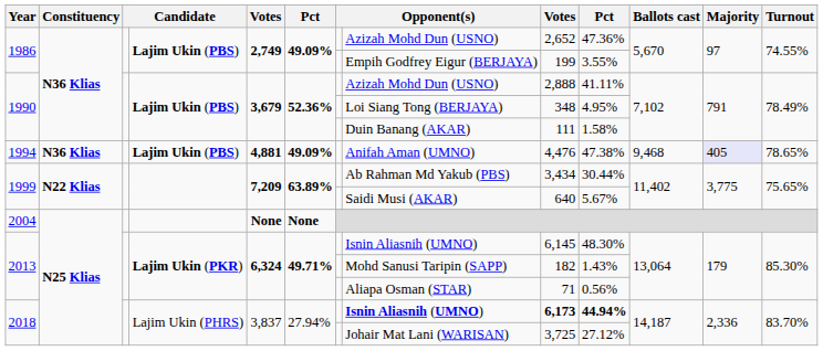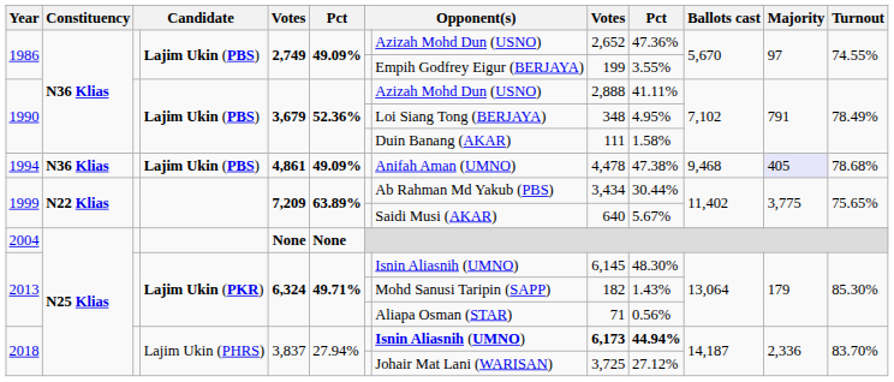 <table class="wikitable" style="margin:0.5em ; font-size:95%">
 <tr>
 <th>Year</th>
 <th>Constituency</th>
 <th colspan=2>Candidate</th>
 <th>Votes</th>
 <th>Pct</th>
 <th colspan=2>Opponent(s)</th>
 <th>Votes</th>
 <th>Pct</th>
 <th>Ballots cast</th>
 <th>Majority</th>
 <th>Turnout</th>
 </tr>
 <tr>
 <td rowspan=2><a href='#'>1986</a></td>
 <td rowspan=5><strong>N36 <a href='#'>Klias</a></strong></td>
 <td rowspan=2 ></td>
 <td rowspan=2><strong>Lajim Ukin</strong> (<a href='#'><strong>PBS</strong></a>)</td>
 <td rowspan=2 align="right"><strong>2,749</strong></td>
 <td rowspan=2><strong>49.09%</strong></td>
 <td></td>
 <td><a href='#'>Azizah Mohd Dun</a> (<a href='#'>USNO</a>)</td>
 <td align="right">2,652</td>
 <td>47.36%</td>
 <td rowspan=2>5,670</td>
 <td rowspan=2>97</td>
 <td rowspan=2>74.55%</td>
 </tr>
 <tr>
 <td></td>
 <td>Empih Godfrey Eigur (<a href='#'>BERJAYA</a>)</td>
 <td align="right">199</td>
 <td>3.55%</td>
 </tr>
 <tr>
 <td rowspan=3><a href='#'>1990</a></td>
 <td rowspan=3 ></td>
 <td rowspan=3><strong>Lajim Ukin</strong> (<a href='#'><strong>PBS</strong></a>)</td>
 <td rowspan=3 align="right"><strong>3,679</strong></td>
 <td rowspan=3><strong>52.36%</strong></td>
 <td></td>
 <td><a href='#'>Azizah Mohd Dun</a> (<a href='#'>USNO</a>)</td>
 <td align="right">2,888</td>
 <td>41.11%</td>
 <td rowspan=3>7,102</td>
 <td rowspan=3>791</td>
 <td rowspan=3>78.49%</td>
 </tr>
 <tr>
 <td></td>
 <td>Loi Siang Tong (<a href='#'>BERJAYA</a>)</td>
 <td align="right">348</td>
 <td>4.95%</td>
 </tr>
 <tr>
 <td></td>
 <td>Duin Banang (<a href='#'>AKAR</a>)</td>
 <td align="right">111</td>
 <td>1.58%</td>
 </tr>
 <tr>
 <td rowspan=1><a href='#'>1994</a></td>
 <td rowspan=1><strong>N36 <a href='#'>Klias</a></strong></td>
 <td rowspan=1 ></td>
 <td rowspan=1><strong>Lajim Ukin</strong> (<a href='#'><strong>PBS</strong></a>)</td>
-<td rowspan=1 align="right"><strong>4,881</strong></td>
+<td rowspan=1 align="right"><strong>4,861</strong></td>
 <td rowspan=1><strong>49.09%</strong></td>
 <td></td>
 <td><a href='#'>Anifah Aman</a> (<a href='#'>UMNO</a>)</td>
-<td align="right">4,476</td>
+<td align="right">4,478</td>
 <td>47.38%</td>
 <td rowspan=1>9,468</td>
 <td rowspan=1 style="background: lavender;">405</td>
-<td rowspan=1>78.65%</td>
+<td rowspan=1>78.68%</td>
 </tr>
 <tr>
 <td rowspan=2><a href='#'>1999</a></td>
 <td rowspan=2><strong>N22 <a href='#'>Klias</a></strong></td>
 <td rowspan=2 ></td>
 <td rowspan=2></td>
 <td rowspan=2 align="right"><strong>7,209</strong></td>
 <td rowspan=2><strong>63.89%</strong></td>
 <td></td>
 <td>Ab Rahman Md Yakub (<a href='#'>PBS</a>)</td>
 <td align="right">3,434</td>
 <td>30.44%</td>
 <td rowspan=2>11,402</td>
 <td rowspan=2>3,775</td>
 <td rowspan=2>75.65%</td>
 </tr>
 <tr>
 <td></td>
 <td>Saidi Musi (<a href='#'>AKAR</a>)</td>
 <td align="right">640</td>
 <td>5.67%</td>
 </tr>
 <tr>
 <td rowspan=1><a href='#'>2004</a></td>
 <td rowspan=6><strong>N25 <a href='#'>Klias</a></strong></td>
 <td rowspan=1 ></td>
 <td rowspan=1></td>
 <td rowspan=1 align="right"><strong>None</strong></td>
 <td rowspan=1><strong>None</strong></td>
 <td colspan="7" bgcolor="dcdcdc"></td>
 </tr>
 <tr>
 <td rowspan=3><a href='#'>2013</a></td>
 <td rowspan=3 ></td>
 <td rowspan=3><strong>Lajim Ukin</strong> (<a href='#'><strong>PKR</strong></a>)</td>
 <td rowspan=3 align="right"><strong>6,324</strong></td>
 <td rowspan=3><strong>49.71%</strong></td>
 <td></td>
 <td><a href='#'>Isnin Aliasnih</a> (<a href='#'>UMNO</a>)</td>
 <td align="right">6,145</td>
 <td>48.30%</td>
 <td rowspan=3>13,064</td>
 <td rowspan=3>179</td>
 <td rowspan=3>85.30%</td>
 </tr>
 <tr>
 <td></td>
 <td>Mohd Sanusi Taripin (<a href='#'>SAPP</a>)</td>
 <td align="right">182</td>
 <td>1.43%</td>
 </tr>
 <tr>
 <td></td>
 <td>Aliapa Osman (<a href='#'>STAR</a>)</td>
 <td align="right">71</td>
 <td>0.56%</td>
 </tr>
 <tr>
 <td rowspan=2><a href='#'>2018</a></td>
 <td rowspan=2 ></td>
 <td rowspan=2>Lajim Ukin (<a href='#'>PHRS</a>)</td>
 <td rowspan=2 align="right">3,837</td>
 <td rowspan=2>27.94%</td>
 <td></td>
 <td><strong><a href='#'>Isnin Aliasnih</a></strong> (<a href='#'><strong>UMNO</strong></a>)</td>
 <td align="right"><strong>6,173</strong></td>
 <td><strong>44.94%</strong></td>
 <td rowspan=2>14,187</td>
 <td rowspan=2>2,336</td>
 <td rowspan=2>83.70%</td>
 </tr>
 <tr>
 <td></td>
 <td>Johair Mat Lani (<a href='#'>WARISAN</a>)</td>
 <td align="right">3,725</td>
 <td>27.12%</td>
 </tr>
 </table>
